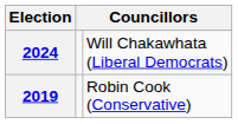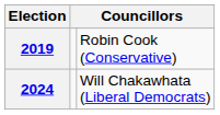 <table class="wikitable">
 <tr>
 <th>Election</th>
 <th colspan="2">Councillors</th>
 </tr>
 <tr>
+<th><a href='#'>2019</a></th>
+<td style="background-color: "></td>
+<td>Robin Cook<br>(<a href='#'>Conservative</a>)</td>
+</tr>
+<tr>
 <th><a href='#'>2024</a></th>
 <td style="background-color: "></td>
 <td>Will Chakawhata<br>(<a href='#'>Liberal Democrats</a>)</td>
 </tr>
-<tr>
-<th><a href='#'>2019</a></th>
-<td style="background-color: "></td>
-<td>Robin Cook<br>(<a href='#'>Conservative</a>)</td>
-</tr>
 </table>
